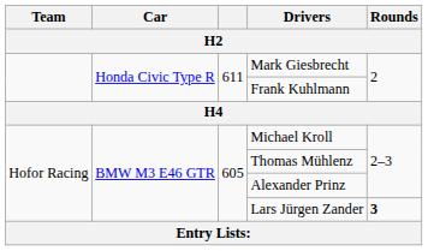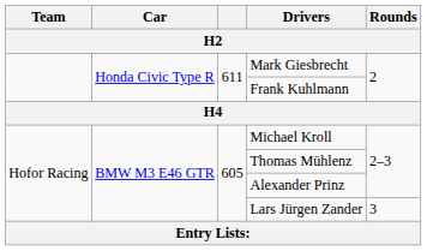 <table class="wikitable" style="font-size: 85%;">
 <tr>
 <th>Team</th>
 <th>Car</th>
 <th></th>
 <th>Drivers</th>
 <th>Rounds</th>
 </tr>
 <tr>
 <th colspan="5">H2</th>
 </tr>
 <tr>
 <td rowspan="2"></td>
 <td rowspan="2"><a href='#'>Honda Civic Type R</a></td>
 <td rowspan="2" align="center">611</td>
 <td> Mark Giesbrecht</td>
 <td rowspan="2">2</td>
 </tr>
 <tr>
 <td> Frank Kuhlmann</td>
 </tr>
 <tr>
 <th colspan="5">H4</th>
 </tr>
 <tr>
 <td rowspan="4"> Hofor Racing</td>
 <td rowspan="4"><a href='#'>BMW M3 E46 GTR</a></td>
 <td rowspan="4" align="center">605</td>
 <td> Michael Kroll</td>
 <td rowspan="3">2–3</td>
 </tr>
 <tr>
 <td> Thomas Mühlenz</td>
 </tr>
 <tr>
 <td> Alexander Prinz</td>
 </tr>
 <tr>
 <td> Lars Jürgen Zander</td>
-<td><strong>3</strong></td>
+<td>3</td>
 </tr>
 <tr>
 <th colspan=5>Entry Lists:</th>
 </tr>
 </table>
